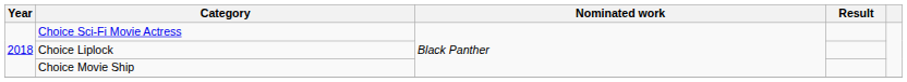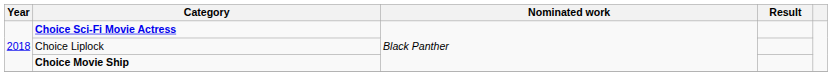 <table class=wikitable>
 <tr>
 <th scope="col" style="width:1em;">Year</th>
 <th scope="col" style="width:36em;">Category</th>
 <th scope="col" style="width:39em;">Nominated work</th>
 <th scope="col" style="width:5em;">Result</th>
 <th scope="col" style="width:1em;"></th>
 </tr>
 <tr>
 <td rowspan="3"><a href='#'>2018</a></td>
-<td><a href='#'>Choice Sci-Fi Movie Actress</a></td>
+<td><strong><a href='#'>Choice Sci-Fi Movie Actress</a></strong></td>
 <td rowspan="3"><em>Black Panther</em></td>
 <td></td>
 <td rowspan="3"></td>
 </tr>
 <tr>
 <td>Choice Liplock</td>
 <td></td>
 </tr>
 <tr>
-<td>Choice Movie Ship</td>
+<td><strong>Choice Movie Ship</strong></td>
 <td></td>
 </tr>
 <tr>
 </tr>
 </table>
